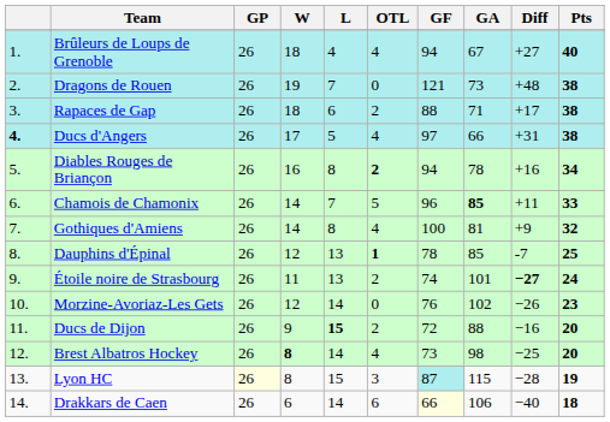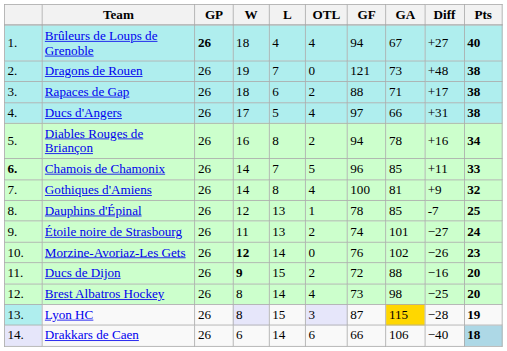 <table class="wikitable">
 <tr>
 <th width="50"></th>
 <th width="250">Team</th>
 <th width="50">GP</th>
 <th width="50">W</th>
 <th width="50">L</th>
 <th width="50">OTL</th>
 <th width="50">GF</th>
 <th width="50">GA</th>
 <th width="50">Diff</th>
 <th width="50"><strong>Pts</strong></th>
 </tr>
 <tr>
 </tr>
 <tr bgcolor="#AFEEEE">
 <td>1.</td>
 <td align="left"><a href='#'>Brûleurs de Loups de Grenoble</a></td>
-<td>26</td>
+<td><strong>26</strong></td>
 <td>18</td>
 <td>4</td>
 <td>4</td>
 <td>94</td>
 <td>67</td>
 <td>+27</td>
 <td><strong>40</strong></td>
 </tr>
 <tr bgcolor="#AFEEEE">
 <td>2.</td>
 <td align="left"><a href='#'>Dragons de Rouen</a></td>
 <td>26</td>
 <td>19</td>
 <td>7</td>
 <td>0</td>
 <td>121</td>
 <td>73</td>
 <td>+48</td>
 <td><strong>38</strong></td>
 </tr>
 <tr bgcolor="#AFEEEE">
 <td>3.</td>
 <td align="left"><a href='#'>Rapaces de Gap</a></td>
 <td>26</td>
 <td>18</td>
 <td>6</td>
 <td>2</td>
 <td>88</td>
 <td>71</td>
 <td>+17</td>
 <td><strong>38</strong></td>
 </tr>
 <tr bgcolor="#AFEEEE">
-<td><strong>4.</strong></td>
+<td>4.</td>
 <td align="left"><a href='#'>Ducs d'Angers</a></td>
 <td>26</td>
 <td>17</td>
 <td>5</td>
 <td>4</td>
 <td>97</td>
 <td>66</td>
 <td>+31</td>
 <td><strong>38</strong></td>
 </tr>
 <tr bgcolor="#ccffcc">
 <td>5.</td>
 <td align="left"><a href='#'>Diables Rouges de Briançon</a></td>
 <td>26</td>
 <td>16</td>
 <td>8</td>
-<td><strong>2</strong></td>
+<td>2</td>
 <td>94</td>
 <td>78</td>
 <td>+16</td>
 <td><strong>34</strong></td>
 </tr>
 <tr bgcolor="#ccffcc">
-<td>6.</td>
+<td><strong>6.</strong></td>
 <td align="left"><a href='#'>Chamois de Chamonix</a></td>
 <td>26</td>
 <td>14</td>
 <td>7</td>
 <td>5</td>
 <td>96</td>
-<td><strong>85</strong></td>
+<td>85</td>
 <td>+11</td>
 <td><strong>33</strong></td>
 </tr>
 <tr bgcolor="#ccffcc">
 <td>7.</td>
 <td align="left"><a href='#'>Gothiques d'Amiens</a></td>
 <td>26</td>
 <td>14</td>
 <td>8</td>
 <td>4</td>
 <td>100</td>
 <td>81</td>
 <td>+9</td>
 <td><strong>32</strong></td>
 </tr>
 <tr bgcolor="#ccffcc">
 <td>8.</td>
 <td align="left"><a href='#'>Dauphins d'Épinal</a></td>
 <td>26</td>
 <td>12</td>
 <td>13</td>
-<td><strong>1</strong></td>
+<td>1</td>
 <td>78</td>
 <td>85</td>
 <td>-7</td>
 <td><strong>25</strong></td>
 </tr>
 <tr bgcolor="#ccffcc">
 <td>9.</td>
 <td align="left"><a href='#'>Étoile noire de Strasbourg</a></td>
 <td>26</td>
 <td>11</td>
 <td>13</td>
 <td>2</td>
 <td>74</td>
 <td>101</td>
-<td><strong>−27</strong></td>
+<td>−27</td>
 <td><strong>24</strong></td>
 </tr>
 <tr bgcolor="#ccffcc">
 <td>10.</td>
 <td align="left"><a href='#'>Morzine-Avoriaz-Les Gets</a></td>
 <td>26</td>
-<td>12</td>
+<td><strong>12</strong></td>
 <td>14</td>
 <td>0</td>
 <td>76</td>
 <td>102</td>
 <td>−26</td>
 <td><strong>23</strong></td>
 </tr>
 <tr bgcolor="#ccffcc">
 <td>11.</td>
 <td align="left"><a href='#'>Ducs de Dijon</a></td>
 <td>26</td>
-<td>9</td>
-<td><strong>15</strong></td>
+<td><strong>9</strong></td>
+<td>15</td>
 <td>2</td>
 <td>72</td>
 <td>88</td>
 <td>−16</td>
 <td><strong>20</strong></td>
 </tr>
 <tr bgcolor="#ccffcc">
 <td>12.</td>
 <td align="left"><a href='#'>Brest Albatros Hockey</a></td>
 <td>26</td>
-<td><strong>8</strong></td>
+<td>8</td>
 <td>14</td>
 <td>4</td>
 <td>73</td>
 <td>98</td>
 <td>−25</td>
 <td><strong>20</strong></td>
 </tr>
 <tr>
-<td>13.</td>
+<td style="background: paleturquoise;">13.</td>
 <td align="left"><a href='#'>Lyon HC</a></td>
-<td style="background: lightyellow;">26</td>
-<td>8</td>
+<td>26</td>
+<td style="background: lavender;">8</td>
 <td>15</td>
-<td>3</td>
-<td style="background: paleturquoise;">87</td>
-<td>115</td>
+<td style="background: lavender;">3</td>
+<td>87</td>
+<td style="background: gold;">115</td>
 <td>−28</td>
 <td><strong>19</strong></td>
 </tr>
 <tr>
-<td>14.</td>
+<td style="background: lavender;">14.</td>
 <td align="left"><a href='#'>Drakkars de Caen</a></td>
 <td>26</td>
 <td>6</td>
 <td>14</td>
 <td>6</td>
-<td style="background: lightyellow;">66</td>
+<td>66</td>
 <td>106</td>
 <td>−40</td>
-<td><strong>18</strong></td>
+<td style="background: lightblue;"><strong>18</strong></td>
 </tr>
 </table>
